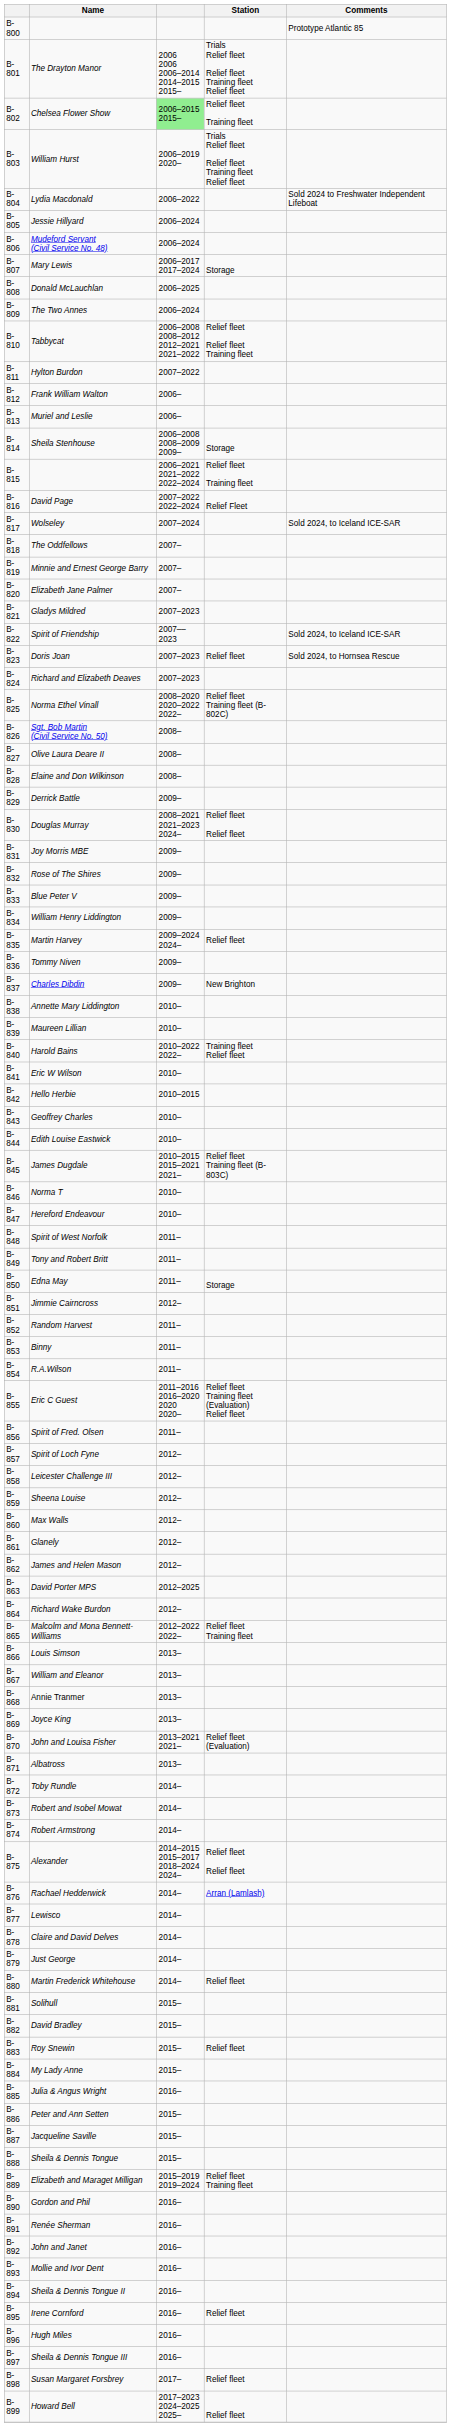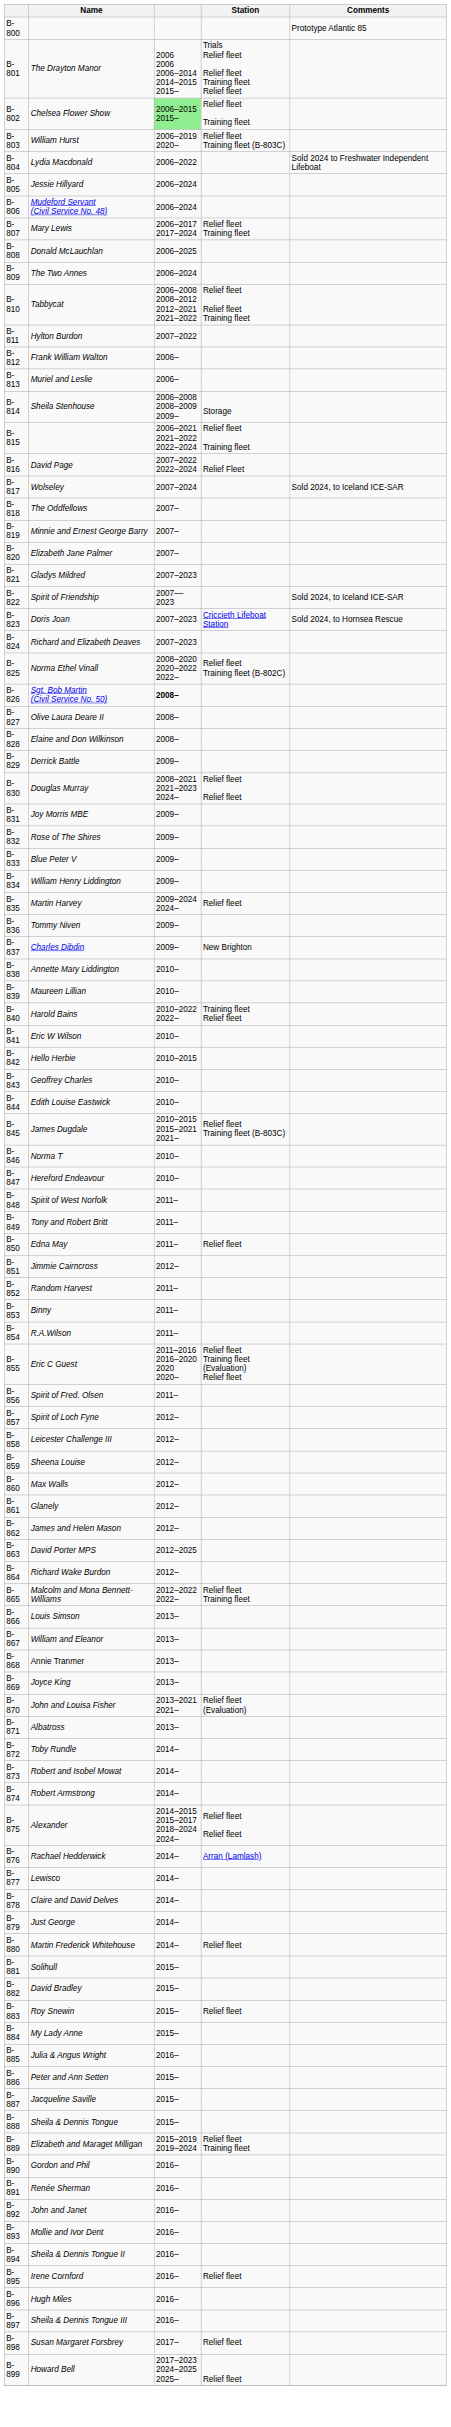 <table class="wikitable">
 <tr>
 <th></th>
 <th>Name</th>
 <th></th>
 <th>Station</th>
 <th>Comments</th>
 </tr>
 <tr>
 <td>B-800<br></td>
 <td></td>
 <td></td>
 <td></td>
 <td>Prototype Atlantic 85</td>
 </tr>
 <tr>
 <td>B-801</td>
 <td><em>The Drayton Manor</em></td>
 <td><br>2006<br>2006<br>2006–2014<br>2014–2015<br>2015–</td>
 <td>Trials<br>Relief fleet<br><br>Relief fleet<br>Training fleet<br>Relief fleet</td>
 <td></td>
 </tr>
 <tr>
 <td>B-802</td>
 <td><em>Chelsea Flower Show</em></td>
 <td style="background: lightgreen;">2006–2015<br>2015–</td>
 <td>Relief fleet<br><br>Training fleet</td>
 <td></td>
 </tr>
 <tr>
 <td>B-803</td>
 <td><em>William Hurst</em></td>
 <td>2006–2019<br>2020–</td>
-<td>Trials<br>Relief fleet<br><br>Relief fleet<br>Training fleet<br>Relief fleet</td>
+<td>Relief fleet<br>Training fleet (B-803C)</td>
 <td></td>
 </tr>
 <tr>
 <td>B-804</td>
 <td><em>Lydia Macdonald</em></td>
 <td>2006–2022</td>
 <td></td>
 <td>Sold 2024 to Freshwater Independent Lifeboat</td>
 </tr>
 <tr>
 <td>B-805</td>
 <td><em>Jessie Hillyard</em></td>
 <td>2006–2024</td>
 <td></td>
 <td></td>
 </tr>
 <tr>
 <td>B-806</td>
 <td><a href='#'><em>Mudeford Servant</em><br><em>(Civil Service No. 48)</em></a></td>
 <td>2006–2024</td>
 <td></td>
 <td></td>
 </tr>
 <tr>
 <td>B-807</td>
 <td><em>Mary Lewis</em></td>
 <td>2006–2017<br>2017–2024</td>
-<td><br>Storage<br></td>
+<td>Relief fleet<br>Training fleet</td>
 <td></td>
 </tr>
 <tr>
 <td>B-808</td>
 <td><em>Donald McLauchlan</em></td>
 <td>2006–2025</td>
 <td></td>
 <td></td>
 </tr>
 <tr>
 <td>B-809</td>
 <td><em>The Two Annes</em></td>
 <td>2006–2024</td>
 <td></td>
 <td></td>
 </tr>
 <tr>
 <td>B-810</td>
 <td><em>Tabbycat</em></td>
 <td>2006–2008<br>2008–2012<br>2012–2021<br>2021–2022</td>
 <td>Relief fleet<br><br>Relief fleet<br>Training fleet</td>
 <td></td>
 </tr>
 <tr>
 <td>B-811</td>
 <td><em>Hylton Burdon</em></td>
 <td>2007–2022</td>
 <td></td>
 <td></td>
 </tr>
 <tr>
 <td>B-812</td>
 <td><em>Frank William Walton</em></td>
 <td>2006–</td>
 <td></td>
 <td></td>
 </tr>
 <tr>
 <td>B-813</td>
 <td><em>Muriel and Leslie</em></td>
 <td>2006–</td>
 <td></td>
 <td></td>
 </tr>
 <tr>
 <td>B-814</td>
 <td><em>Sheila Stenhouse</em></td>
 <td>2006–2008<br>2008–2009<br>2009–</td>
 <td><br>Storage<br></td>
 <td></td>
 </tr>
 <tr>
 <td>B-815</td>
 <td></td>
 <td>2006–2021<br>2021–2022<br>2022–2024</td>
 <td>Relief fleet<br><br>Training fleet</td>
 <td></td>
 </tr>
 <tr>
 <td>B-816</td>
 <td><em>David Page</em></td>
 <td>2007–2022<br>2022–2024</td>
 <td><br>Relief Fleet</td>
 <td></td>
 </tr>
 <tr>
 <td>B-817</td>
 <td><em>Wolseley</em></td>
 <td>2007–2024</td>
 <td></td>
 <td>Sold 2024, to Iceland ICE-SAR</td>
 </tr>
 <tr>
 <td>B-818</td>
 <td><em>The Oddfellows</em></td>
 <td>2007–</td>
 <td></td>
 <td></td>
 </tr>
 <tr>
 <td>B-819</td>
 <td><em>Minnie and Ernest George Barry</em></td>
 <td>2007–</td>
 <td></td>
 <td></td>
 </tr>
 <tr>
 <td>B-820</td>
 <td><em>Elizabeth Jane Palmer</em></td>
 <td>2007–</td>
 <td></td>
 <td></td>
 </tr>
 <tr>
 <td>B-821</td>
 <td><em>Gladys Mildred</em></td>
 <td>2007–2023</td>
 <td></td>
 <td></td>
 </tr>
 <tr>
 <td>B-822</td>
 <td><em>Spirit of Friendship</em></td>
 <td>2007––2023</td>
 <td></td>
 <td>Sold 2024, to Iceland ICE-SAR</td>
 </tr>
 <tr>
 <td>B-823</td>
 <td><em>Doris Joan</em></td>
 <td>2007–2023</td>
-<td>Relief fleet</td>
+<td><a href='#'>Criccieth Lifeboat Station</a></td>
 <td>Sold 2024, to Hornsea Rescue</td>
 </tr>
 <tr>
 <td>B-824</td>
 <td><em>Richard and Elizabeth Deaves</em></td>
 <td>2007–2023</td>
 <td></td>
 <td></td>
 </tr>
 <tr>
 <td>B-825</td>
 <td><em>Norma Ethel Vinall</em></td>
 <td>2008–2020<br>2020–2022<br>2022–</td>
 <td>Relief fleet<br>Training fleet (B-802C)</td>
 <td></td>
 </tr>
 <tr>
 <td>B-826</td>
 <td><a href='#'><em>Sgt. Bob Martin<br>(Civil Service No. 50)</em></a></td>
-<td>2008–</td>
+<td><strong>2008–</strong></td>
 <td></td>
 <td></td>
 </tr>
 <tr>
 <td>B-827</td>
 <td><em>Olive Laura Deare II</em></td>
 <td>2008–</td>
 <td></td>
 <td></td>
 </tr>
 <tr>
 <td>B-828</td>
 <td><em>Elaine and Don Wilkinson</em></td>
 <td>2008–</td>
 <td></td>
 <td></td>
 </tr>
 <tr>
 <td>B-829</td>
 <td><em>Derrick Battle</em></td>
 <td>2009–</td>
 <td></td>
 <td></td>
 </tr>
 <tr>
 <td>B-830</td>
 <td><em>Douglas Murray</em></td>
 <td>2008–2021<br>2021–2023<br>2024–</td>
 <td>Relief fleet<br><br>Relief fleet</td>
 <td></td>
 </tr>
 <tr>
 <td>B-831</td>
 <td><em>Joy Morris MBE</em></td>
 <td>2009–</td>
 <td></td>
 <td></td>
 </tr>
 <tr>
 <td>B-832</td>
 <td><em>Rose of The Shires</em></td>
 <td>2009–</td>
 <td></td>
 <td></td>
 </tr>
 <tr>
 <td>B-833</td>
 <td><em>Blue Peter V</em></td>
 <td>2009–</td>
 <td></td>
 <td></td>
 </tr>
 <tr>
 <td>B-834</td>
 <td><em>William Henry Liddington </em></td>
 <td>2009–</td>
 <td></td>
 <td></td>
 </tr>
 <tr>
 <td>B-835</td>
 <td><em>Martin Harvey</em></td>
 <td>2009–2024<br>2024–</td>
 <td>Relief fleet</td>
 <td></td>
 </tr>
 <tr>
 <td>B-836</td>
 <td><em>Tommy Niven</em></td>
 <td>2009–</td>
 <td></td>
 <td></td>
 </tr>
 <tr>
 <td>B-837</td>
 <td><a href='#'><em>Charles Dibdin<br></em></a></td>
 <td>2009–</td>
 <td>New Brighton</td>
 <td></td>
 </tr>
 <tr>
 <td>B-838</td>
 <td><em>Annette Mary Liddington</em></td>
 <td>2010–</td>
 <td></td>
 <td></td>
 </tr>
 <tr>
 <td>B-839</td>
 <td><em>Maureen Lillian</em></td>
 <td>2010–</td>
 <td></td>
 <td></td>
 </tr>
 <tr>
 <td>B-840</td>
 <td><em>Harold Bains</em></td>
 <td>2010–2022<br>2022–</td>
 <td>Training fleet<br>Relief fleet</td>
 <td></td>
 </tr>
 <tr>
 <td>B-841</td>
 <td><em>Eric W Wilson</em></td>
 <td>2010–</td>
 <td></td>
 <td></td>
 </tr>
 <tr>
 <td>B-842</td>
 <td><em>Hello Herbie</em></td>
 <td>2010–2015</td>
 <td></td>
 <td></td>
 </tr>
 <tr>
 <td>B-843</td>
 <td><em>Geoffrey Charles</em></td>
 <td>2010–</td>
 <td></td>
 <td></td>
 </tr>
 <tr>
 <td>B-844</td>
 <td><em>Edith Louise Eastwick</em></td>
 <td>2010–</td>
 <td></td>
 <td></td>
 </tr>
 <tr>
 <td>B-845</td>
 <td><em>James Dugdale</em></td>
 <td>2010–2015<br>2015–2021<br>2021–</td>
 <td>Relief fleet<br>Training fleet (B-803C)</td>
 <td></td>
 </tr>
 <tr>
 <td>B-846</td>
 <td><em>Norma T</em></td>
 <td>2010–</td>
 <td></td>
 <td></td>
 </tr>
 <tr>
 <td>B-847</td>
 <td><em>Hereford Endeavour</em></td>
 <td>2010–</td>
 <td></td>
 <td></td>
 </tr>
 <tr>
 <td>B-848</td>
 <td><em>Spirit of West Norfolk</em></td>
 <td>2011–</td>
 <td></td>
 <td></td>
 </tr>
 <tr>
 <td>B-849</td>
 <td><em>Tony and Robert Britt</em></td>
 <td>2011–</td>
 <td></td>
 <td></td>
 </tr>
 <tr>
 <td>B-850</td>
 <td><em>Edna May</em></td>
 <td>2011–</td>
-<td><br>Storage<br></td>
+<td>Relief fleet</td>
 <td></td>
 </tr>
 <tr>
 <td>B-851</td>
 <td><em>Jimmie Cairncross</em></td>
 <td>2012–</td>
 <td></td>
 <td></td>
 </tr>
 <tr>
 <td>B-852</td>
 <td><em>Random Harvest</em></td>
 <td>2011–</td>
 <td></td>
 <td></td>
 </tr>
 <tr>
 <td>B-853</td>
 <td><em>Binny</em></td>
 <td>2011–</td>
 <td></td>
 <td></td>
 </tr>
 <tr>
 <td>B-854</td>
 <td><em>R.A.Wilson</em></td>
 <td>2011–</td>
 <td></td>
 <td></td>
 </tr>
 <tr>
 <td>B-855</td>
 <td><em>Eric C Guest</em></td>
 <td>2011–2016<br>2016–2020<br>2020<br>2020–</td>
 <td>Relief fleet<br>Training fleet<br> (Evaluation)<br>Relief fleet</td>
 <td></td>
 </tr>
 <tr>
 <td>B-856</td>
 <td><em>Spirit of Fred. Olsen</em></td>
 <td>2011–</td>
 <td></td>
 <td></td>
 </tr>
 <tr>
 <td>B-857</td>
 <td><em>Spirit of Loch Fyne</em></td>
 <td>2012–</td>
 <td></td>
 <td></td>
 </tr>
 <tr>
 <td>B-858</td>
 <td><em>Leicester Challenge III</em></td>
 <td>2012–</td>
 <td></td>
 <td></td>
 </tr>
 <tr>
 <td>B-859</td>
 <td><em>Sheena Louise</em></td>
 <td>2012–</td>
 <td></td>
 <td></td>
 </tr>
 <tr>
 <td>B-860</td>
 <td><em>Max Walls</em></td>
 <td>2012–</td>
 <td></td>
 <td></td>
 </tr>
 <tr>
 <td>B-861</td>
 <td><em>Glanely</em></td>
 <td>2012–</td>
 <td></td>
 <td></td>
 </tr>
 <tr>
 <td>B-862</td>
 <td><em>James and Helen Mason</em></td>
 <td>2012–</td>
 <td></td>
 <td></td>
 </tr>
 <tr>
 <td>B-863</td>
 <td><em>David Porter MPS</em></td>
 <td>2012–2025</td>
 <td></td>
 <td></td>
 </tr>
 <tr>
 <td>B-864</td>
 <td><em>Richard Wake Burdon</em></td>
 <td>2012–</td>
 <td></td>
 <td></td>
 </tr>
 <tr>
 <td>B-865</td>
 <td><em>Malcolm and Mona Bennett-Williams</em></td>
 <td>2012–2022<br>2022–</td>
 <td>Relief fleet<br>Training fleet</td>
 <td></td>
 </tr>
 <tr>
 <td>B-866</td>
 <td><em>Louis Simson</em></td>
 <td>2013–</td>
 <td></td>
 <td></td>
 </tr>
 <tr>
 <td>B-867</td>
 <td><em>William and Eleanor</em></td>
 <td>2013–</td>
 <td></td>
 <td></td>
 </tr>
 <tr>
 <td>B-868</td>
 <td>Annie Tranmer</td>
 <td>2013–</td>
 <td></td>
 <td></td>
 </tr>
 <tr>
 <td>B-869</td>
 <td><em>Joyce King</em></td>
 <td>2013–</td>
 <td></td>
 <td></td>
 </tr>
 <tr>
 <td>B-870</td>
 <td><em>John and Louisa Fisher</em></td>
 <td>2013–2021<br>2021–</td>
 <td>Relief fleet<br> (Evaluation)</td>
 <td></td>
 </tr>
 <tr>
 <td>B-871</td>
 <td><em>Albatross</em></td>
 <td>2013–</td>
 <td></td>
 <td></td>
 </tr>
 <tr>
 <td>B-872</td>
 <td><em>Toby Rundle</em></td>
 <td>2014–</td>
 <td></td>
 <td></td>
 </tr>
 <tr>
 <td>B-873</td>
 <td><em>Robert and Isobel Mowat</em></td>
 <td>2014–</td>
 <td></td>
 <td></td>
 </tr>
 <tr>
 <td>B-874</td>
 <td><em>Robert Armstrong</em></td>
 <td>2014–</td>
 <td></td>
 <td></td>
 </tr>
 <tr>
 <td>B-875</td>
 <td><em>Alexander</em></td>
 <td>2014–2015<br>2015–2017<br>2018–2024<br>2024–</td>
 <td>Relief fleet<br><br>Relief fleet<br></td>
 <td></td>
 </tr>
 <tr>
 <td>B-876</td>
 <td><em>Rachael Hedderwick</em></td>
 <td>2014–</td>
 <td><a href='#'>Arran (Lamlash)</a></td>
 <td></td>
 </tr>
 <tr>
 <td>B-877</td>
 <td><em>Lewisco</em></td>
 <td>2014–</td>
 <td></td>
 <td></td>
 </tr>
 <tr>
 <td>B-878</td>
 <td><em>Claire and David Delves</em></td>
 <td>2014–</td>
 <td></td>
 <td></td>
 </tr>
 <tr>
 <td>B-879</td>
 <td><em>Just George</em></td>
 <td>2014–</td>
 <td></td>
 <td></td>
 </tr>
 <tr>
 <td>B-880</td>
 <td><em>Martin Frederick Whitehouse</em></td>
 <td>2014–</td>
 <td>Relief fleet</td>
 <td></td>
 </tr>
 <tr>
 <td>B-881</td>
 <td><em>Solihull</em></td>
 <td>2015–</td>
 <td></td>
 <td></td>
 </tr>
 <tr>
 <td>B-882</td>
 <td><em>David Bradley</em></td>
 <td>2015–</td>
 <td></td>
 <td></td>
 </tr>
 <tr>
 <td>B-883</td>
 <td><em>Roy Snewin</em></td>
 <td>2015–</td>
 <td>Relief fleet</td>
 <td></td>
 </tr>
 <tr>
 <td>B-884</td>
 <td><em>My Lady Anne</em></td>
 <td>2015–</td>
 <td></td>
 <td></td>
 </tr>
 <tr>
 <td>B-885</td>
 <td><em>Julia & Angus Wright</em></td>
 <td>2016–</td>
 <td></td>
 <td></td>
 </tr>
 <tr>
 <td>B-886</td>
 <td><em>Peter and Ann Setten</em></td>
 <td>2015–</td>
 <td></td>
 <td></td>
 </tr>
 <tr>
 <td>B-887</td>
 <td><em>Jacqueline Saville</em></td>
 <td>2015–</td>
 <td></td>
 <td></td>
 </tr>
 <tr>
 <td>B-888</td>
 <td><em>Sheila & Dennis Tongue</em></td>
 <td>2015–</td>
 <td></td>
 <td></td>
 </tr>
 <tr>
 <td>B-889</td>
 <td><em>Elizabeth and Maraget Milligan</em></td>
 <td>2015–2019<br>2019–2024</td>
 <td>Relief fleet<br>Training fleet</td>
 <td></td>
 </tr>
 <tr>
 <td>B-890</td>
 <td><em>Gordon and Phil</em></td>
 <td>2016–</td>
 <td></td>
 <td></td>
 </tr>
 <tr>
 <td>B-891</td>
 <td><em>Renée Sherman</em></td>
 <td>2016–</td>
 <td></td>
 <td></td>
 </tr>
 <tr>
 <td>B-892</td>
 <td><em>John and Janet</em></td>
 <td>2016–</td>
 <td></td>
 <td></td>
 </tr>
 <tr>
 <td>B-893</td>
 <td><em>Mollie and Ivor Dent</em></td>
 <td>2016–</td>
 <td></td>
 <td></td>
 </tr>
 <tr>
 <td>B-894</td>
 <td><em>Sheila & Dennis Tongue II</em></td>
 <td>2016–</td>
 <td></td>
 <td></td>
 </tr>
 <tr>
 <td>B-895</td>
 <td><em>Irene Cornford</em></td>
 <td>2016–</td>
 <td>Relief fleet</td>
 <td></td>
 </tr>
 <tr>
 <td>B-896</td>
 <td><em>Hugh Miles</em></td>
 <td>2016–</td>
 <td></td>
 <td></td>
 </tr>
 <tr>
 <td>B-897</td>
 <td><em>Sheila & Dennis Tongue III</em></td>
 <td>2016–</td>
 <td></td>
 <td></td>
 </tr>
 <tr>
 <td>B-898</td>
 <td><em>Susan Margaret Forsbrey</em></td>
 <td>2017–</td>
 <td>Relief fleet</td>
 <td></td>
 </tr>
 <tr>
 <td>B-899</td>
 <td><em>Howard Bell</em></td>
 <td>2017–2023<br>2024–2025<br>2025–</td>
 <td><br><br>Relief fleet</td>
 <td></td>
 </tr>
 <tr>
 </tr>
 </table>
